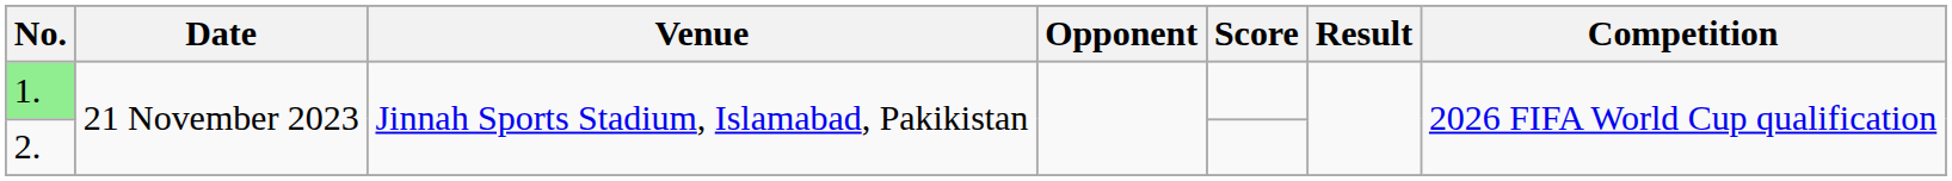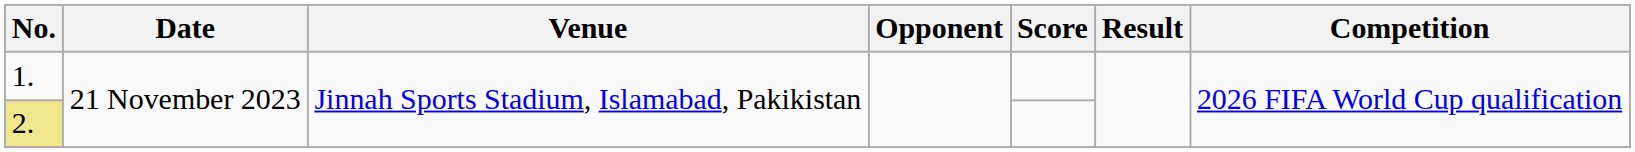 <table class="wikitable" style="font-size:100%;">
 <tr>
 <th>No.</th>
 <th>Date</th>
 <th>Venue</th>
 <th>Opponent</th>
 <th>Score</th>
 <th>Result</th>
 <th>Competition</th>
 </tr>
 <tr>
-<td style="background: lightgreen;">1.</td>
+<td>1.</td>
 <td rowspan="2">21 November 2023</td>
 <td rowspan="2"><a href='#'>Jinnah Sports Stadium</a>, <a href='#'>Islamabad</a>, Pakikistan</td>
 <td rowspan="2"></td>
 <td></td>
 <td rowspan="2"></td>
 <td rowspan="2"><a href='#'>2026 FIFA World Cup qualification</a></td>
 </tr>
 <tr>
-<td>2.</td>
+<td style="background: khaki;">2.</td>
 <td></td>
 </tr>
 </table>
